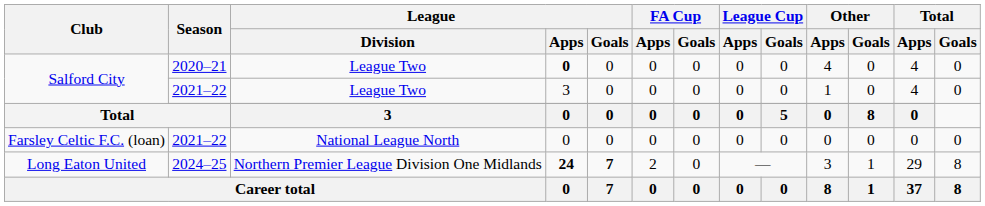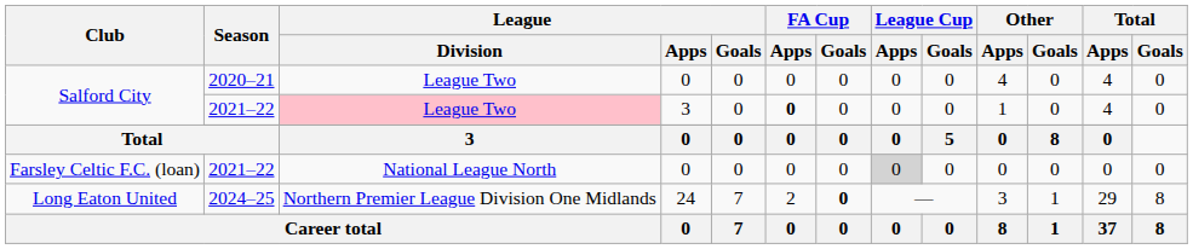 <table class="wikitable" style="text-align: center">
 <tr>
 <th rowspan="2">Club</th>
 <th rowspan="2">Season</th>
 <th colspan="3">League</th>
 <th colspan="2"><a href='#'>FA Cup</a></th>
 <th colspan="2"><a href='#'>League Cup</a></th>
 <th colspan="2">Other</th>
 <th colspan="2">Total</th>
 </tr>
 <tr>
 <th>Division</th>
 <th>Apps</th>
 <th>Goals</th>
 <th>Apps</th>
 <th>Goals</th>
 <th>Apps</th>
 <th>Goals</th>
 <th>Apps</th>
 <th>Goals</th>
 <th>Apps</th>
 <th>Goals</th>
 </tr>
 <tr>
 <td rowspan="3"><a href='#'>Salford City</a></td>
 <td><a href='#'>2020–21</a></td>
 <td><a href='#'>League Two</a></td>
-<td><strong>0</strong></td>
+<td>0</td>
 <td>0</td>
 <td>0</td>
 <td>0</td>
 <td>0</td>
 <td>0</td>
 <td>4</td>
 <td>0</td>
 <td>4</td>
 <td>0</td>
 </tr>
 <tr>
 <td><a href='#'>2021–22</a></td>
-<td><a href='#'>League Two</a></td>
+<td style="background: pink;"><a href='#'>League Two</a></td>
 <td>3</td>
 <td>0</td>
-<td>0</td>
+<td><strong>0</strong></td>
 <td>0</td>
 <td>0</td>
 <td>0</td>
 <td>1</td>
 <td>0</td>
 <td>4</td>
 <td>0</td>
 </tr>
 <tr>
 </tr>
 <tr style="font-weight:bold; background:#f3f3f3">
 <td colspan="2">Total</td>
 <th>3</th>
 <th>0</th>
 <th>0</th>
 <th>0</th>
 <th>0</th>
 <th>0</th>
 <th>5</th>
 <th>0</th>
 <th>8</th>
 <th>0</th>
 </tr>
 <tr>
 <td rowspan="1"><a href='#'>Farsley Celtic F.C.</a> (loan)</td>
 <td><a href='#'>2021–22</a></td>
 <td><a href='#'>National League North</a></td>
 <td>0</td>
 <td>0</td>
 <td>0</td>
 <td>0</td>
-<td>0</td>
+<td style="background: lightgrey;">0</td>
 <td>0</td>
 <td>0</td>
 <td>0</td>
 <td>0</td>
 <td>0</td>
 </tr>
 <tr>
 <td><a href='#'>Long Eaton United</a></td>
 <td><a href='#'>2024–25</a></td>
 <td><a href='#'>Northern Premier League</a> Division One Midlands</td>
-<td><strong>24</strong></td>
-<td><strong>7</strong></td>
+<td>24</td>
+<td>7</td>
 <td>2</td>
-<td>0</td>
+<td><strong>0</strong></td>
 <td colspan="2">—</td>
 <td>3</td>
 <td>1</td>
 <td>29</td>
 <td>8</td>
 </tr>
 <tr>
 <th colspan="3">Career total</th>
 <th>0</th>
 <th>7</th>
 <th>0</th>
 <th>0</th>
 <th>0</th>
 <th>0</th>
 <th>8</th>
 <th>1</th>
 <th>37</th>
 <th>8</th>
 </tr>
 </table>
